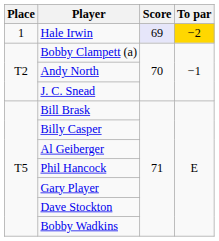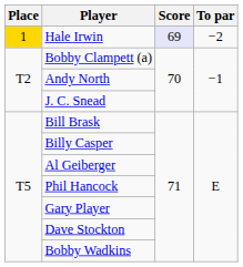 <table class="wikitable">
 <tr>
 <th>Place</th>
 <th>Player</th>
 <th>Score</th>
 <th>To par</th>
 </tr>
 <tr>
-<td align=center>1</td>
+<td align=center style="background: gold;">1</td>
 <td> <a href='#'>Hale Irwin</a></td>
 <td align=center style="background: lavender;">69</td>
-<td align=center style="background: gold;">−2</td>
+<td align=center>−2</td>
 </tr>
 <tr>
 <td rowspan="3" align=center>T2</td>
 <td> <a href='#'>Bobby Clampett</a> (a)</td>
 <td rowspan="3" align=center>70</td>
 <td rowspan="3" align=center>−1</td>
 </tr>
 <tr>
 <td> <a href='#'>Andy North</a></td>
 </tr>
 <tr>
 <td> <a href='#'>J. C. Snead</a></td>
 </tr>
 <tr>
 <td rowspan="7" align=center>T5</td>
 <td> <a href='#'>Bill Brask</a></td>
 <td rowspan="7" align=center>71</td>
 <td rowspan="7" align=center>E</td>
 </tr>
 <tr>
 <td> <a href='#'>Billy Casper</a></td>
 </tr>
 <tr>
 <td> <a href='#'>Al Geiberger</a></td>
 </tr>
 <tr>
 <td> <a href='#'>Phil Hancock</a></td>
 </tr>
 <tr>
 <td> <a href='#'>Gary Player</a></td>
 </tr>
 <tr>
 <td> <a href='#'>Dave Stockton</a></td>
 </tr>
 <tr>
 <td> <a href='#'>Bobby Wadkins</a></td>
 </tr>
 </table>
